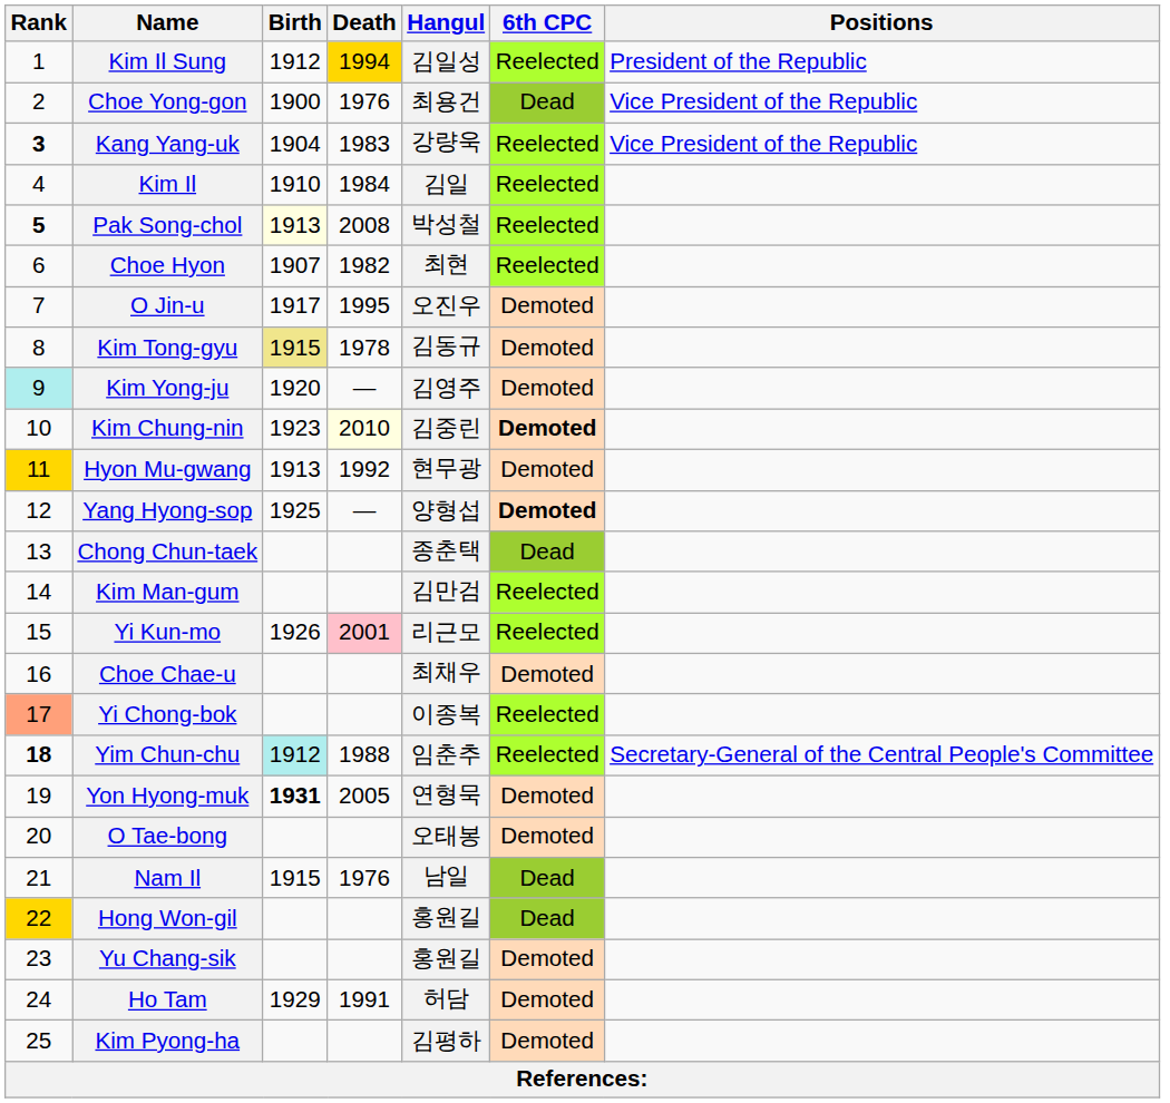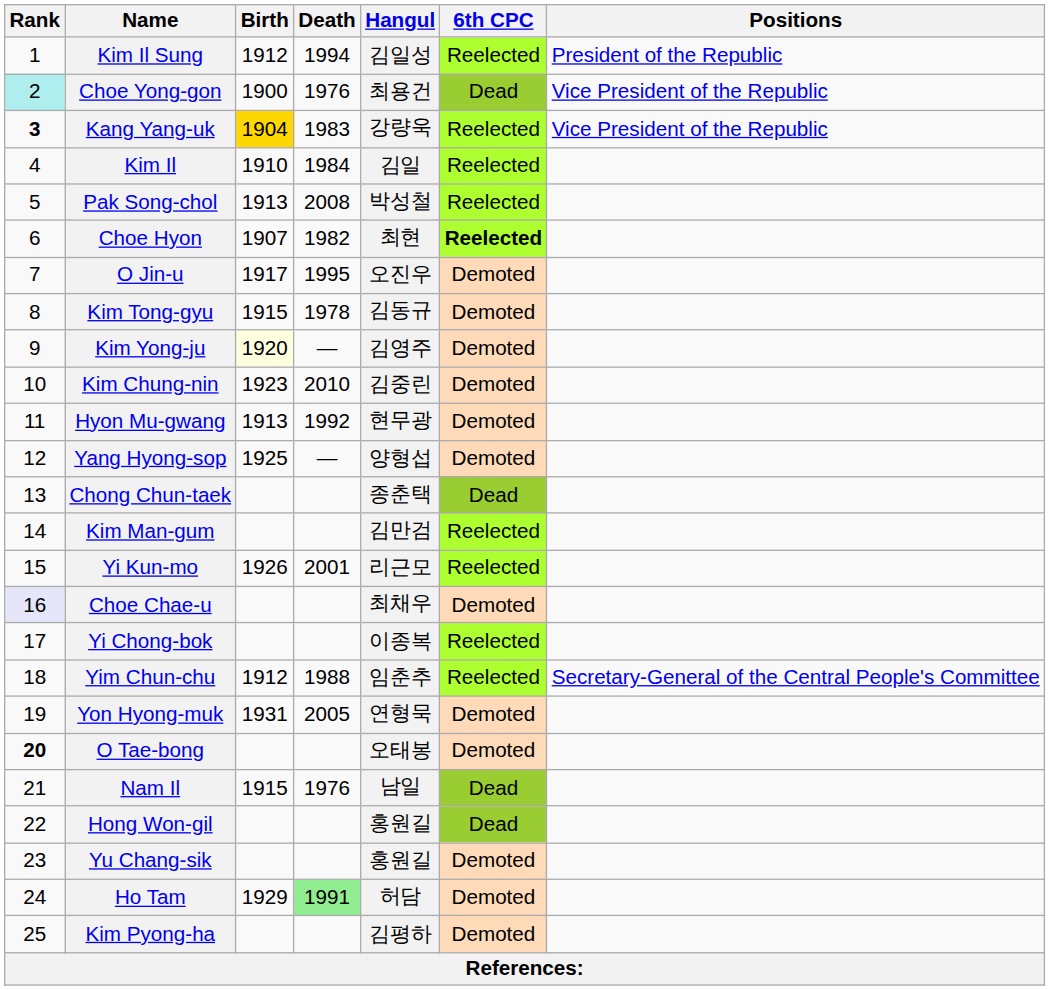 <table class="wikitable sortable">
 <tr>
 <th>Rank</th>
 <th>Name</th>
 <th>Birth</th>
 <th>Death</th>
 <th class="unsortable"><a href='#'>Hangul</a></th>
 <th><a href='#'>6th CPC</a></th>
 <th>Positions</th>
 </tr>
 <tr>
 <td align="center">1</td>
 <th align="center" scope="row" style="font-weight:normal;"><a href='#'>Kim Il Sung</a></th>
 <td align="center">1912</td>
-<td align="center" style="background: gold;">1994</td>
+<td align="center">1994</td>
 <th align="center" scope="row" style="font-weight:normal;">김일성</th>
 <td align="center" style="background: GreenYellow">Reelected</td>
 <td><a href='#'>President of the Republic</a></td>
 </tr>
 <tr>
-<td align="center">2</td>
+<td align="center" style="background: paleturquoise;">2</td>
 <th align="center" scope="row" style="font-weight:normal;"><a href='#'>Choe Yong-gon</a></th>
 <td align="center">1900</td>
 <td align="center">1976</td>
 <th align="center" scope="row" style="font-weight:normal;">최용건</th>
 <td data-sort-value="1" align="center" style="background: YellowGreen">Dead</td>
 <td><a href='#'>Vice President of the Republic</a></td>
 </tr>
 <tr>
 <td align="center"><strong>3</strong></td>
 <th align="center" scope="row" style="font-weight:normal;"><a href='#'>Kang Yang-uk</a></th>
-<td align="center">1904</td>
+<td align="center" style="background: gold;">1904</td>
 <td align="center">1983</td>
 <th align="center" scope="row" style="font-weight:normal;">강량욱</th>
 <td align="center" style="background: GreenYellow">Reelected</td>
 <td><a href='#'>Vice President of the Republic</a></td>
 </tr>
 <tr>
 <td align="center">4</td>
 <th align="center" scope="row" style="font-weight:normal;"><a href='#'>Kim Il</a></th>
 <td align="center">1910</td>
 <td align="center">1984</td>
 <th align="center" scope="row" style="font-weight:normal;">김일</th>
 <td align="center" style="background: GreenYellow">Reelected</td>
 <td></td>
 </tr>
 <tr>
-<td align="center"><strong>5</strong></td>
+<td align="center">5</td>
 <th align="center" scope="row" style="font-weight:normal;"><a href='#'>Pak Song-chol</a></th>
-<td align="center" style="background: lightyellow;">1913</td>
+<td align="center">1913</td>
 <td align="center">2008</td>
 <th align="center" scope="row" style="font-weight:normal;">박성철</th>
 <td align="center" style="background: GreenYellow">Reelected</td>
 <td></td>
 </tr>
 <tr>
 <td align="center">6</td>
 <th align="center" scope="row" style="font-weight:normal;"><a href='#'>Choe Hyon</a></th>
 <td align="center">1907</td>
 <td align="center">1982</td>
 <th align="center" scope="row" style="font-weight:normal;">최현</th>
-<td align="center" style="background: GreenYellow">Reelected</td>
+<td align="center" style="background: GreenYellow"><strong>Reelected</strong></td>
 <td></td>
 </tr>
 <tr>
 <td align="center">7</td>
 <th align="center" scope="row" style="font-weight:normal;"><a href='#'>O Jin-u</a></th>
 <td align="center">1917</td>
 <td align="center">1995</td>
 <th align="center" scope="row" style="font-weight:normal;">오진우</th>
 <td style="background: PeachPuff" align="center">Demoted</td>
 <td></td>
 </tr>
 <tr>
 <td align="center">8</td>
 <th align="center" scope="row" style="font-weight:normal;"><a href='#'>Kim Tong-gyu</a></th>
-<td align="center" style="background: khaki;">1915</td>
+<td align="center">1915</td>
 <td align="center">1978</td>
 <th align="center" scope="row" style="font-weight:normal;">김동규</th>
 <td style="background: PeachPuff" align="center">Demoted</td>
 <td></td>
 </tr>
 <tr>
-<td align="center" style="background: paleturquoise;">9</td>
+<td align="center">9</td>
 <th align="center" scope="row" style="font-weight:normal;"><a href='#'>Kim Yong-ju</a></th>
-<td align="center">1920</td>
+<td align="center" style="background: lightyellow;">1920</td>
 <td align="center">—</td>
 <th align="center" scope="row" style="font-weight:normal;">김영주</th>
 <td style="background: PeachPuff" align="center">Demoted</td>
 <td></td>
 </tr>
 <tr>
 <td align="center">10</td>
 <th align="center" scope="row" style="font-weight:normal;"><a href='#'>Kim Chung-nin</a></th>
 <td align="center">1923</td>
-<td align="center" style="background: lightyellow;">2010</td>
+<td align="center">2010</td>
 <th align="center" scope="row" style="font-weight:normal;">김중린</th>
-<td style="background: PeachPuff" align="center"><strong>Demoted</strong></td>
+<td style="background: PeachPuff" align="center">Demoted</td>
 <td></td>
 </tr>
 <tr>
-<td align="center" style="background: gold;">11</td>
+<td align="center">11</td>
 <th align="center" scope="row" style="font-weight:normal;"><a href='#'>Hyon Mu-gwang</a></th>
 <td align="center">1913</td>
 <td align="center">1992</td>
 <th align="center" scope="row" style="font-weight:normal;">현무광</th>
 <td style="background: PeachPuff" align="center">Demoted</td>
 <td></td>
 </tr>
 <tr>
 <td align="center">12</td>
 <th align="center" scope="row" style="font-weight:normal;"><a href='#'>Yang Hyong-sop</a></th>
 <td align="center">1925</td>
 <td align="center">—</td>
 <th align="center" scope="row" style="font-weight:normal;">양형섭</th>
-<td style="background: PeachPuff" align="center"><strong>Demoted</strong></td>
+<td style="background: PeachPuff" align="center">Demoted</td>
 <td></td>
 </tr>
 <tr>
 <td align="center">13</td>
 <th align="center" scope="row" style="font-weight:normal;"><a href='#'>Chong Chun-taek</a></th>
 <td align="center"></td>
 <td align="center"></td>
 <th align="center" scope="row" style="font-weight:normal;">종춘택</th>
 <td data-sort-value="1" align="center" style="background: YellowGreen">Dead</td>
 <td></td>
 </tr>
 <tr>
 <td align="center">14</td>
 <th align="center" scope="row" style="font-weight:normal;"><a href='#'>Kim Man-gum</a></th>
 <td align="center"></td>
 <td align="center"></td>
 <th align="center" scope="row" style="font-weight:normal;">김만검</th>
 <td align="center" style="background: GreenYellow">Reelected</td>
 <td></td>
 </tr>
 <tr>
 <td align="center">15</td>
 <th align="center" scope="row" style="font-weight:normal;"><a href='#'>Yi Kun-mo</a></th>
 <td align="center">1926</td>
-<td align="center" style="background: pink;">2001</td>
+<td align="center">2001</td>
 <th align="center" scope="row" style="font-weight:normal;">리근모</th>
 <td align="center" style="background: GreenYellow">Reelected</td>
 <td></td>
 </tr>
 <tr>
-<td align="center">16</td>
+<td align="center" style="background: lavender;">16</td>
 <th align="center" scope="row" style="font-weight:normal;"><a href='#'>Choe Chae-u</a></th>
 <td align="center"></td>
 <td align="center"></td>
 <th align="center" scope="row" style="font-weight:normal;">최채우</th>
 <td style="background: PeachPuff" align="center">Demoted</td>
 <td></td>
 </tr>
 <tr>
-<td align="center" style="background: lightsalmon;">17</td>
+<td align="center">17</td>
 <th align="center" scope="row" style="font-weight:normal;"><a href='#'>Yi Chong-bok</a></th>
 <td align="center"></td>
 <td align="center"></td>
 <th align="center" scope="row" style="font-weight:normal;">이종복</th>
 <td align="center" style="background: GreenYellow">Reelected</td>
 <td></td>
 </tr>
 <tr>
-<td align="center"><strong>18</strong></td>
+<td align="center">18</td>
 <th align="center" scope="row" style="font-weight:normal;"><a href='#'>Yim Chun-chu</a></th>
-<td align="center" style="background: paleturquoise;">1912</td>
+<td align="center">1912</td>
 <td align="center">1988</td>
 <th align="center" scope="row" style="font-weight:normal;">임춘추</th>
 <td align="center" style="background: GreenYellow">Reelected</td>
 <td><a href='#'>Secretary-General of the Central People's Committee</a></td>
 </tr>
 <tr>
 <td align="center">19</td>
 <th align="center" scope="row" style="font-weight:normal;"><a href='#'>Yon Hyong-muk</a></th>
-<td align="center"><strong>1931</strong></td>
+<td align="center">1931</td>
 <td align="center">2005</td>
 <th align="center" scope="row" style="font-weight:normal;">연형묵</th>
 <td style="background: PeachPuff" align="center">Demoted</td>
 <td></td>
 </tr>
 <tr>
-<td align="center">20</td>
+<td align="center"><strong>20</strong></td>
 <th align="center" scope="row" style="font-weight:normal;"><a href='#'>O Tae-bong</a></th>
 <td align="center"></td>
 <td align="center"></td>
 <th align="center" scope="row" style="font-weight:normal;">오태봉</th>
 <td style="background: PeachPuff" align="center">Demoted</td>
 <td></td>
 </tr>
 <tr>
 <td align="center">21</td>
 <th align="center" scope="row" style="font-weight:normal;"><a href='#'>Nam Il</a></th>
 <td align="center">1915</td>
 <td align="center">1976</td>
 <th align="center" scope="row" style="font-weight:normal;">남일</th>
 <td data-sort-value="1" align="center" style="background: YellowGreen">Dead</td>
 <td></td>
 </tr>
 <tr>
-<td align="center" style="background: gold;">22</td>
+<td align="center">22</td>
 <th align="center" scope="row" style="font-weight:normal;"><a href='#'>Hong Won-gil</a></th>
 <td align="center"></td>
 <td align="center"></td>
 <th align="center" scope="row" style="font-weight:normal;">홍원길</th>
 <td data-sort-value="1" align="center" style="background: YellowGreen">Dead</td>
 <td></td>
 </tr>
 <tr>
 <td align="center">23</td>
 <th align="center" scope="row" style="font-weight:normal;"><a href='#'>Yu Chang-sik</a></th>
 <td align="center"></td>
 <td align="center"></td>
 <th align="center" scope="row" style="font-weight:normal;">홍원길</th>
 <td style="background: PeachPuff" align="center">Demoted</td>
 <td></td>
 </tr>
 <tr>
 <td align="center">24</td>
 <th align="center" scope="row" style="font-weight:normal;"><a href='#'>Ho Tam</a></th>
 <td align="center">1929</td>
-<td align="center">1991</td>
+<td align="center" style="background: lightgreen;">1991</td>
 <th align="center" scope="row" style="font-weight:normal;">허담</th>
 <td style="background: PeachPuff" align="center">Demoted</td>
 <td></td>
 </tr>
 <tr>
 <td align="center">25</td>
 <th align="center" scope="row" style="font-weight:normal;"><a href='#'>Kim Pyong-ha</a></th>
 <td align="center"></td>
 <td align="center"></td>
 <th align="center" scope="row" style="font-weight:normal;">김평하</th>
 <td style="background: PeachPuff" align="center">Demoted</td>
 <td></td>
 </tr>
 <tr>
 <th colspan="8" unsortable><strong>References:</strong><br></th>
 </tr>
 </table>
